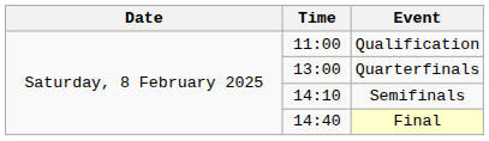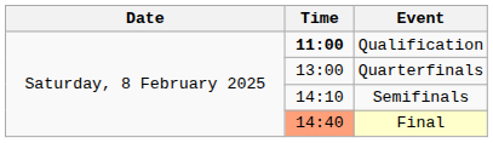 <table class = "wikitable" style="text-align:center;">
 <tr>
 <th width=220>Date</th>
 <th width=50>Time</th>
 <th width=100>Event</th>
 </tr>
 <tr>
 <td rowspan=4>Saturday, 8 February 2025</td>
-<td>11:00</td>
+<td><strong>11:00</strong></td>
 <td>Qualification</td>
 </tr>
 <tr>
 <td>13:00</td>
 <td>Quarterfinals</td>
 </tr>
 <tr>
 <td>14:10</td>
 <td>Semifinals</td>
 </tr>
 <tr>
-<td>14:40</td>
+<td style="background: lightsalmon;">14:40</td>
 <td bgcolor=ffffcc>Final</td>
 </tr>
 </table>
